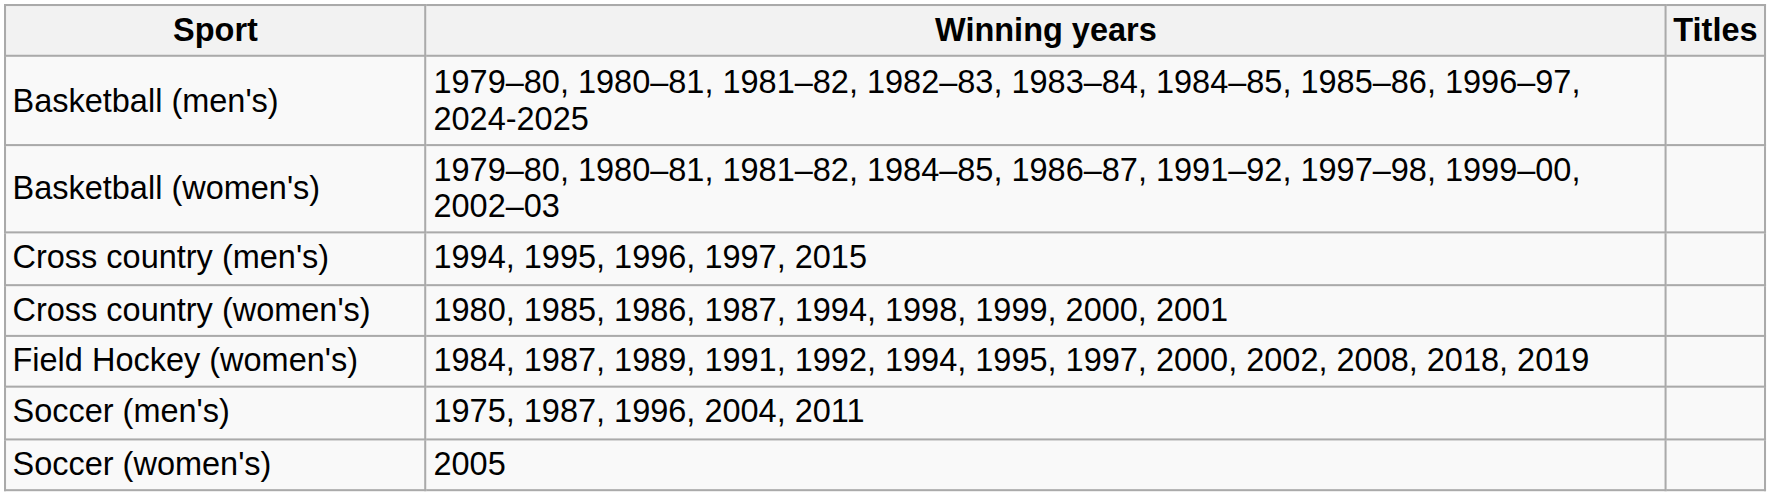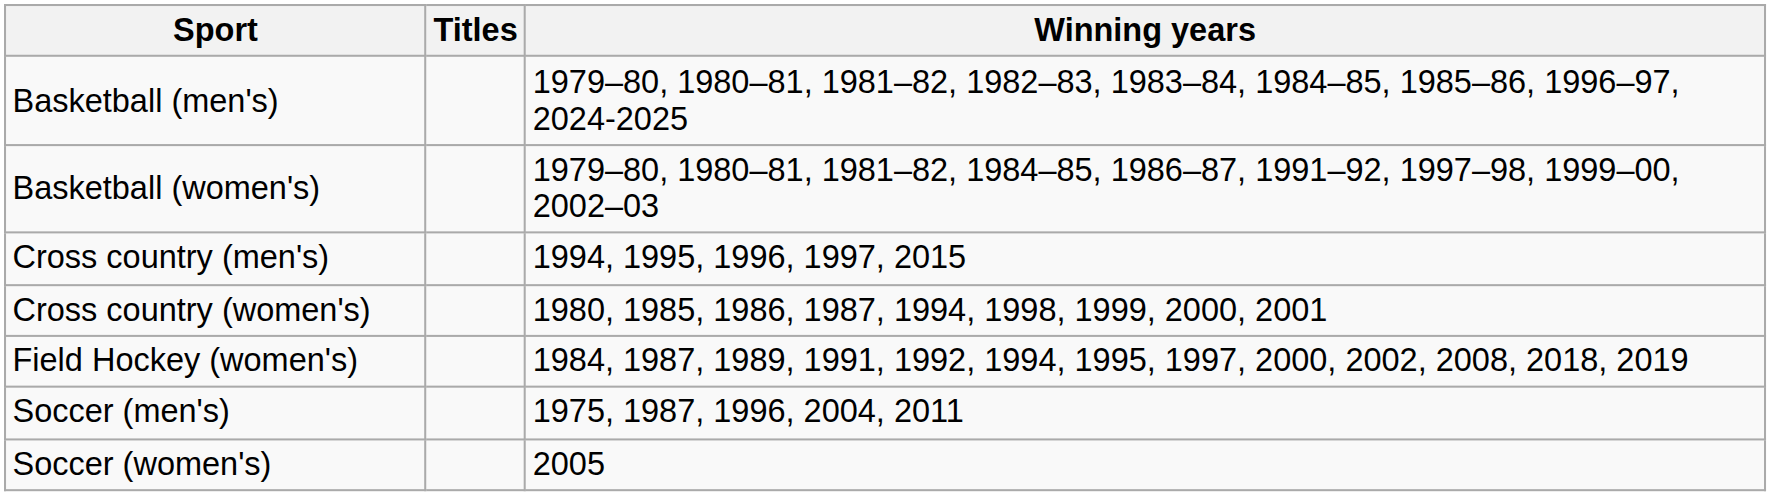 <table class="wikitable"; style= "text-align: ">
 <tr>
 <th width=200px>Sport</th>
+<th width=px>Titles</th>
 <th width=px>Winning years</th>
-<th width=px>Titles</th>
 </tr>
 <tr>
 <td>Basketball (men's)</td>
+<td></td>
 <td>1979–80, 1980–81, 1981–82, 1982–83, 1983–84, 1984–85, 1985–86, 1996–97, 2024-2025</td>
-<td></td>
 </tr>
 <tr>
 <td>Basketball (women's)</td>
+<td></td>
 <td>1979–80, 1980–81, 1981–82, 1984–85, 1986–87, 1991–92, 1997–98, 1999–00, 2002–03</td>
-<td></td>
 </tr>
 <tr>
 <td>Cross country (men's)</td>
+<td></td>
 <td>1994, 1995, 1996, 1997, 2015</td>
-<td></td>
 </tr>
 <tr>
 <td>Cross country (women's)</td>
+<td></td>
 <td>1980, 1985, 1986, 1987, 1994, 1998, 1999, 2000, 2001</td>
-<td></td>
 </tr>
 <tr>
 <td>Field Hockey (women's)</td>
+<td></td>
 <td>1984, 1987, 1989, 1991, 1992, 1994, 1995, 1997, 2000, 2002, 2008, 2018, 2019</td>
-<td></td>
 </tr>
 <tr>
 <td>Soccer (men's)</td>
+<td></td>
 <td>1975, 1987, 1996, 2004, 2011</td>
-<td></td>
 </tr>
 <tr>
 <td>Soccer (women's)</td>
+<td></td>
 <td>2005</td>
-<td></td>
 </tr>
 </table>
